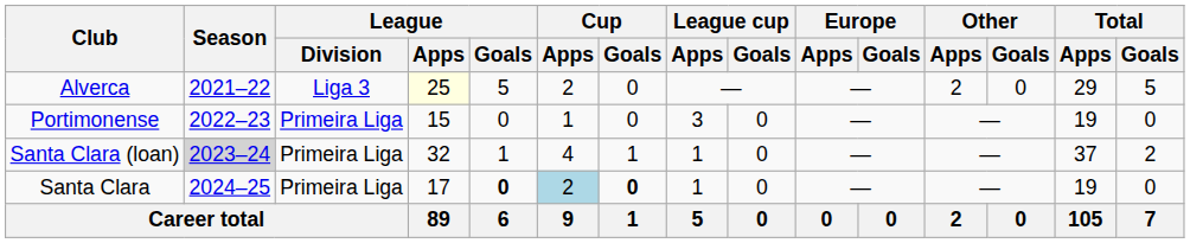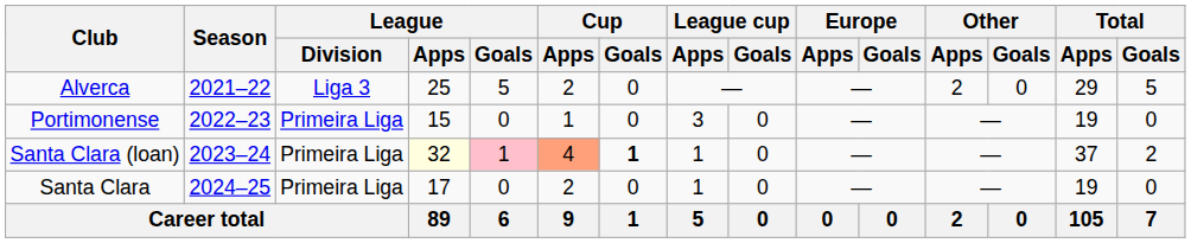 <table class="wikitable" style="text-align: center;">
 <tr>
 <th rowspan="2">Club</th>
 <th rowspan="2">Season</th>
 <th colspan="3">League</th>
 <th colspan="2">Cup</th>
 <th colspan="2">League cup</th>
 <th colspan="2">Europe</th>
 <th colspan="2">Other</th>
 <th colspan="2">Total</th>
 </tr>
 <tr>
 <th>Division</th>
 <th>Apps</th>
 <th>Goals</th>
 <th>Apps</th>
 <th>Goals</th>
 <th>Apps</th>
 <th>Goals</th>
 <th>Apps</th>
 <th>Goals</th>
 <th>Apps</th>
 <th>Goals</th>
 <th>Apps</th>
 <th>Goals</th>
 </tr>
 <tr>
 <td><a href='#'>Alverca</a></td>
 <td><a href='#'>2021–22</a></td>
 <td><a href='#'>Liga 3</a></td>
-<td style="background: lightyellow;">25</td>
+<td>25</td>
 <td>5</td>
 <td>2</td>
 <td>0</td>
 <td colspan="2">—</td>
 <td colspan="2">—</td>
 <td>2</td>
 <td>0</td>
 <td>29</td>
 <td>5</td>
 </tr>
 <tr>
 <td><a href='#'>Portimonense</a></td>
 <td><a href='#'>2022–23</a></td>
 <td><a href='#'>Primeira Liga</a></td>
 <td>15</td>
 <td>0</td>
 <td>1</td>
 <td>0</td>
 <td>3</td>
 <td>0</td>
 <td colspan="2">—</td>
 <td colspan="2">—</td>
 <td>19</td>
 <td>0</td>
 </tr>
 <tr>
 <td><a href='#'>Santa Clara</a> (loan)</td>
-<td style="background: lightgrey;"><a href='#'>2023–24</a></td>
+<td><a href='#'>2023–24</a></td>
 <td>Primeira Liga</td>
-<td>32</td>
-<td>1</td>
-<td>4</td>
-<td>1</td>
+<td style="background: lightyellow;">32</td>
+<td style="background: pink;">1</td>
+<td style="background: lightsalmon;">4</td>
+<td><strong>1</strong></td>
 <td>1</td>
 <td>0</td>
 <td colspan="2">—</td>
 <td colspan="2">—</td>
 <td>37</td>
 <td>2</td>
 </tr>
 <tr>
 <td>Santa Clara</td>
 <td><a href='#'>2024–25</a></td>
 <td>Primeira Liga</td>
 <td>17</td>
-<td><strong>0</strong></td>
-<td style="background: lightblue;">2</td>
-<td><strong>0</strong></td>
+<td>0</td>
+<td>2</td>
+<td>0</td>
 <td>1</td>
 <td>0</td>
 <td colspan="2">—</td>
 <td colspan="2">—</td>
 <td>19</td>
 <td>0</td>
 </tr>
 <tr>
 <th colspan="3">Career total</th>
 <th>89</th>
 <th>6</th>
 <th>9</th>
 <th>1</th>
 <th>5</th>
 <th>0</th>
 <th>0</th>
 <th>0</th>
 <th>2</th>
 <th>0</th>
 <th>105</th>
 <th>7</th>
 </tr>
 </table>
